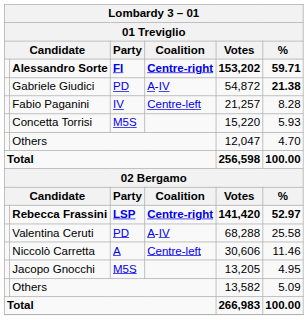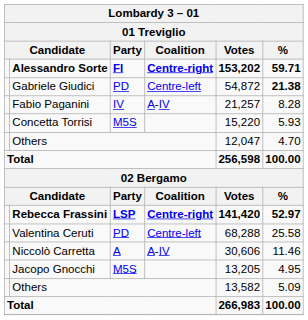 <table class=wikitable style=text-align:right>
 <tr>
 <th colspan=6>Lombardy 3 – 01</th>
 </tr>
 <tr>
 <th colspan=6>01 Treviglio</th>
 </tr>
 <tr>
 <th colspan=2>Candidate</th>
 <th>Party</th>
 <th>Coalition</th>
 <th>Votes</th>
 <th>%</th>
 </tr>
 <tr>
 <td></td>
 <td align=left><strong>Alessandro Sorte</strong></td>
 <td align=left><strong><a href='#'>FI</a></strong></td>
 <td align=left><strong><a href='#'>Centre-right</a></strong></td>
 <td><strong>153,202</strong></td>
 <td><strong>59.71</strong></td>
 </tr>
 <tr>
 <td></td>
 <td align=left>Gabriele Giudici</td>
 <td align=left><a href='#'>PD</a></td>
-<td align=left><a href='#'>A</a>-<a href='#'>IV</a></td>
+<td align=left><a href='#'>Centre-left</a></td>
 <td>54,872</td>
 <td><strong>21.38</strong></td>
 </tr>
 <tr>
 <td></td>
 <td align=left>Fabio Paganini</td>
 <td align=left><a href='#'>IV</a></td>
-<td align=left><a href='#'>Centre-left</a></td>
+<td align=left><a href='#'>A</a>-<a href='#'>IV</a></td>
 <td>21,257</td>
 <td>8.28</td>
 </tr>
 <tr>
 <td></td>
 <td align=left>Concetta Torrisi</td>
 <td align=left><a href='#'>M5S</a></td>
 <td></td>
 <td>15,220</td>
 <td>5.93</td>
 </tr>
 <tr>
 <td></td>
 <td align=left colspan=3>Others</td>
 <td>12,047</td>
 <td>4.70</td>
 </tr>
 <tr>
 <td align=left colspan=4><strong>Total</strong></td>
 <td><strong>256,598</strong></td>
 <td><strong>100.00</strong></td>
 </tr>
 <tr>
 <th colspan=6>02 Bergamo</th>
 </tr>
 <tr>
 <th colspan=2>Candidate</th>
 <th>Party</th>
 <th>Coalition</th>
 <th>Votes</th>
 <th>%</th>
 </tr>
 <tr>
 <td></td>
 <td align=left><strong>Rebecca Frassini</strong></td>
 <td align=left><strong><a href='#'>LSP</a></strong></td>
 <td align=left><strong><a href='#'>Centre-right</a></strong></td>
 <td><strong>141,420</strong></td>
 <td><strong>52.97</strong></td>
 </tr>
 <tr>
 <td></td>
 <td align=left>Valentina Ceruti</td>
 <td align=left><a href='#'>PD</a></td>
-<td align=left><a href='#'>A</a>-<a href='#'>IV</a></td>
+<td align=left><a href='#'>Centre-left</a></td>
 <td>68,288</td>
 <td>25.58</td>
 </tr>
 <tr>
 <td></td>
 <td align=left>Niccolò Carretta</td>
 <td align=left><a href='#'>A</a></td>
-<td align=left><a href='#'>Centre-left</a></td>
+<td align=left><a href='#'>A</a>-<a href='#'>IV</a></td>
 <td>30,606</td>
 <td>11.46</td>
 </tr>
 <tr>
 <td></td>
 <td align=left>Jacopo Gnocchi</td>
 <td align=left><a href='#'>M5S</a></td>
 <td></td>
 <td>13,205</td>
 <td>4.95</td>
 </tr>
 <tr>
 <td></td>
 <td align=left colspan=3>Others</td>
 <td>13,582</td>
 <td>5.09</td>
 </tr>
 <tr>
 <td align=left colspan=4><strong>Total</strong></td>
 <td><strong>266,983</strong></td>
 <td><strong>100.00</strong></td>
 </tr>
 <tr>
 </tr>
 </table>
